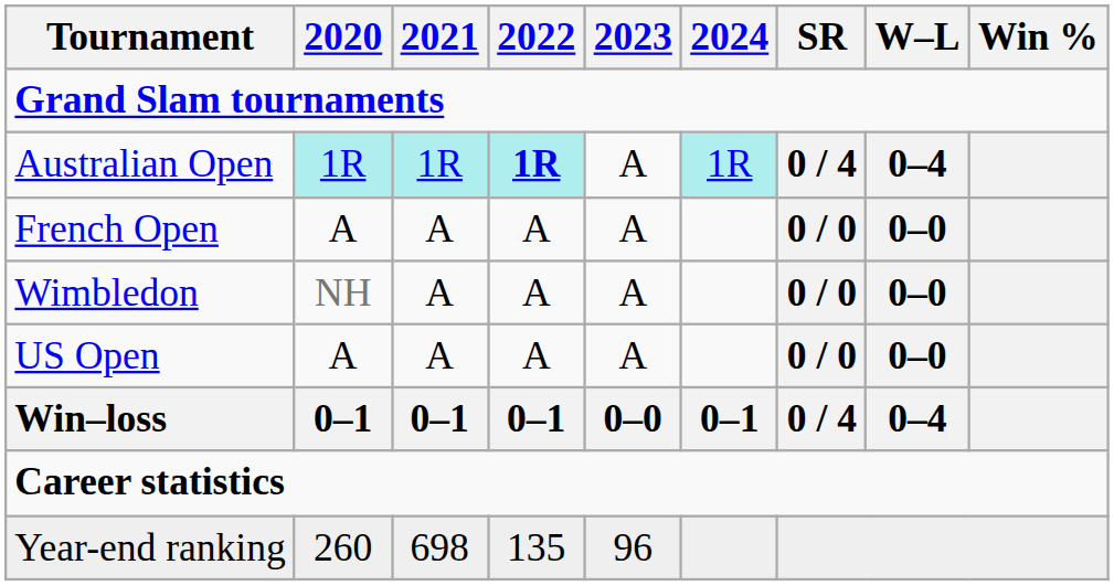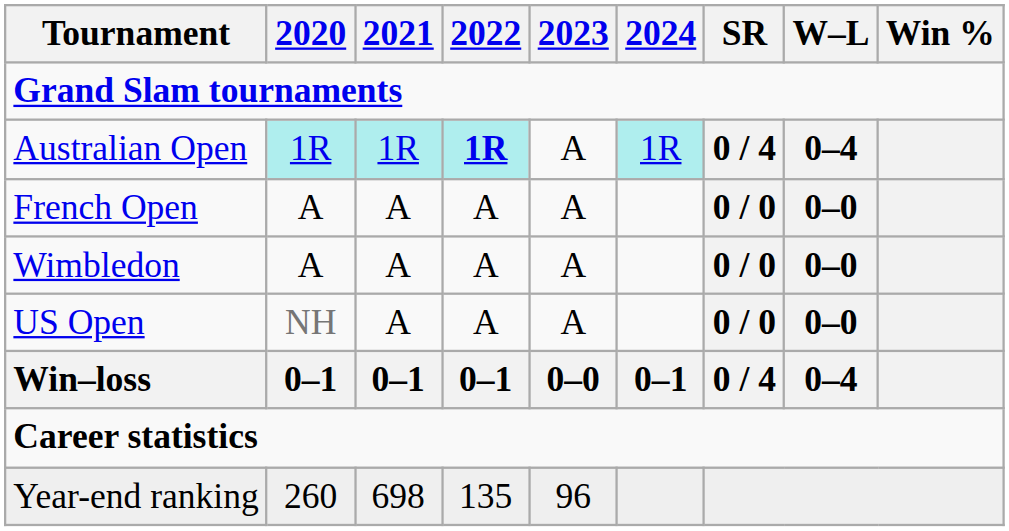 <table class="wikitable" style="text-align:center;font-size:97%">
 <tr>
 <th>Tournament</th>
 <th><a href='#'>2020</a></th>
 <th><a href='#'>2021</a></th>
 <th><a href='#'>2022</a></th>
 <th><a href='#'>2023</a></th>
 <th><a href='#'>2024</a></th>
 <th>SR</th>
 <th>W–L</th>
 <th>Win %</th>
 </tr>
 <tr>
 <td colspan="17" align="left"><strong><a href='#'>Grand Slam tournaments</a></strong></td>
 </tr>
 <tr>
 <td align="left"><a href='#'>Australian Open</a></td>
 <td bgcolor="afeeee"><a href='#'>1R</a></td>
 <td bgcolor="afeeee"><a href='#'>1R</a></td>
 <td bgcolor="afeeee"><strong><a href='#'>1R</a></strong></td>
 <td>A</td>
 <td bgcolor="afeeee"><a href='#'>1R</a></td>
 <th>0 / 4</th>
 <th>0–4</th>
 <th></th>
 </tr>
 <tr>
 <td align="left"><a href='#'>French Open</a></td>
 <td>A</td>
 <td>A</td>
 <td>A</td>
 <td>A</td>
 <td></td>
 <th>0 / 0</th>
 <th>0–0</th>
 <th></th>
 </tr>
 <tr>
 <td align="left"><a href='#'>Wimbledon</a></td>
-<td style="color:#767676">NH</td>
+<td>A</td>
 <td>A</td>
 <td>A</td>
 <td>A</td>
 <td></td>
 <th>0 / 0</th>
 <th>0–0</th>
 <th></th>
 </tr>
 <tr>
 <td align="left"><a href='#'>US Open</a></td>
-<td>A</td>
+<td style="color:#767676">NH</td>
 <td>A</td>
 <td>A</td>
 <td>A</td>
 <td></td>
 <th>0 / 0</th>
 <th>0–0</th>
 <th></th>
 </tr>
 <tr>
 <th style="text-align:left">Win–loss</th>
 <th>0–1</th>
 <th>0–1</th>
 <th>0–1</th>
 <th>0–0</th>
 <th>0–1</th>
 <th>0 / 4</th>
 <th>0–4</th>
 <th></th>
 </tr>
 <tr>
 <td colspan="9" align="left"><strong>Career statistics</strong></td>
 </tr>
 <tr bgcolor="efefef">
 <td align="left">Year-end ranking</td>
 <td>260</td>
 <td>698</td>
 <td>135</td>
 <td>96</td>
 <td></td>
 <td colspan="3"></td>
 </tr>
 </table>
